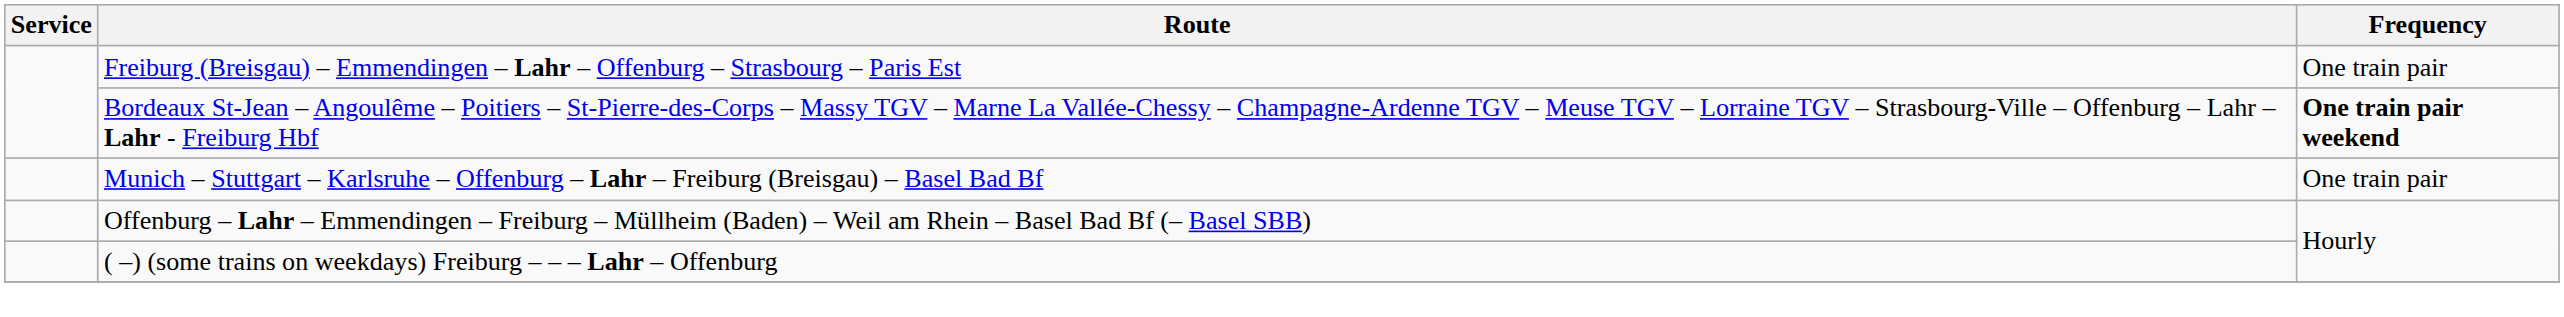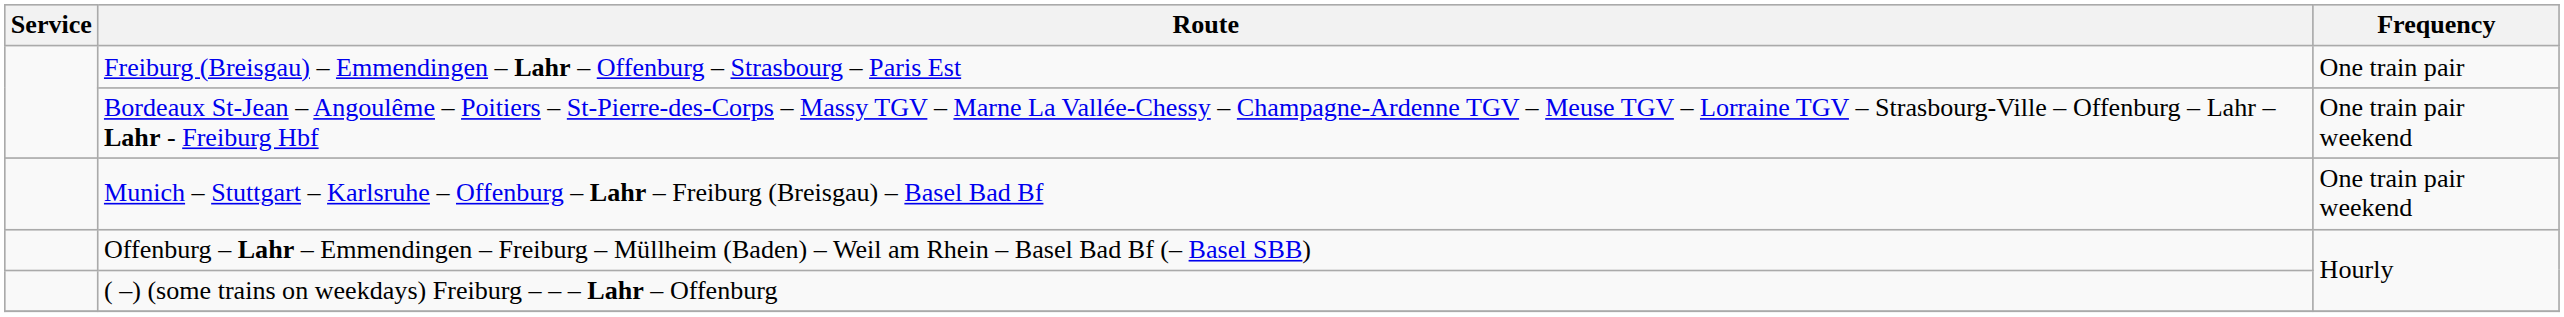 <table class="wikitable">
 <tr>
 <th>Service</th>
 <th>Route</th>
 <th>Frequency</th>
 </tr>
 <tr>
 <td rowspan="2" align="center"><strong></strong></td>
 <td><a href='#'>Freiburg (Breisgau)</a> – <a href='#'>Emmendingen</a> – <strong>Lahr</strong> – <a href='#'>Offenburg</a> – <a href='#'>Strasbourg</a> – <a href='#'>Paris Est</a></td>
 <td>One train pair</td>
 </tr>
 <tr>
 <td><a href='#'>Bordeaux St-Jean</a> – <a href='#'>Angoulême</a> – <a href='#'>Poitiers</a> – <a href='#'>St-Pierre-des-Corps</a> – <a href='#'>Massy TGV</a> – <a href='#'>Marne La Vallée-Chessy</a> – <a href='#'>Champagne-Ardenne TGV</a> – <a href='#'>Meuse TGV</a> – <a href='#'>Lorraine TGV</a> – Strasbourg-Ville – Offenburg – Lahr – <strong>Lahr</strong> - <a href='#'>Freiburg Hbf</a></td>
-<td><strong>One train pair weekend</strong></td>
+<td>One train pair weekend</td>
 </tr>
 <tr>
 <td align="center"></td>
 <td><a href='#'>Munich</a> – <a href='#'>Stuttgart</a> – <a href='#'>Karlsruhe</a> – <a href='#'>Offenburg</a> – <strong>Lahr</strong> – Freiburg (Breisgau) – <a href='#'>Basel Bad Bf</a></td>
-<td>One train pair</td>
+<td>One train pair weekend</td>
 </tr>
 <tr>
 <td align="center"></td>
 <td>Offenburg – <strong>Lahr</strong> – Emmendingen – Freiburg – Müllheim (Baden) – Weil am Rhein – Basel Bad Bf (– <a href='#'>Basel SBB</a>)</td>
 <td rowspan=2>Hourly</td>
 </tr>
 <tr>
 <td align="center"></td>
 <td>( –) (some trains on weekdays) Freiburg –  –   – <strong>Lahr</strong> – Offenburg</td>
 </tr>
 <tr>
 </tr>
 </table>
